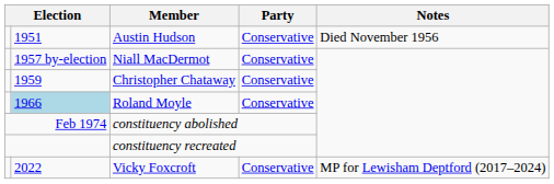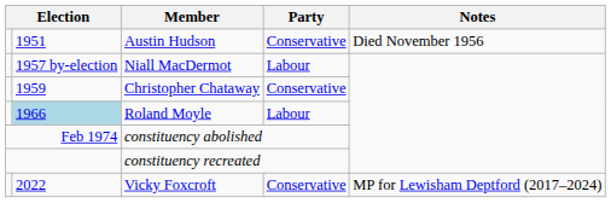 <table class="wikitable">
 <tr>
 <th colspan="2">Election</th>
 <th>Member</th>
 <th>Party</th>
 <th>Notes</th>
 </tr>
 <tr>
 <td style="color:inherit;background-color: "></td>
 <td><a href='#'>1951</a></td>
 <td><a href='#'>Austin Hudson</a></td>
 <td><a href='#'>Conservative</a></td>
 <td>Died November 1956</td>
 </tr>
 <tr>
 <td style="color:inherit;background-color: "></td>
 <td><a href='#'>1957 by-election</a></td>
 <td><a href='#'>Niall MacDermot</a></td>
-<td><a href='#'>Conservative</a></td>
+<td><a href='#'>Labour</a></td>
 </tr>
 <tr>
 <td style="color:inherit;background-color: "></td>
 <td><a href='#'>1959</a></td>
 <td><a href='#'>Christopher Chataway</a></td>
 <td><a href='#'>Conservative</a></td>
 </tr>
 <tr>
 <td style="color:inherit;background-color: "></td>
 <td style="background: lightblue;"><a href='#'>1966</a></td>
 <td><a href='#'>Roland Moyle</a></td>
-<td><a href='#'>Conservative</a></td>
+<td><a href='#'>Labour</a></td>
 </tr>
 <tr>
 <td colspan="2" align="right"><a href='#'>Feb 1974</a></td>
 <td colspan="2"><em>constituency abolished</em></td>
 </tr>
 <tr>
 <td colspan="2"></td>
 <td colspan="2"><em>constituency recreated</em></td>
 </tr>
 <tr>
 <td style="color:inherit;background-color: "></td>
 <td><a href='#'>2022</a></td>
 <td><a href='#'>Vicky Foxcroft</a></td>
 <td><a href='#'>Conservative</a></td>
 <td>MP for <a href='#'>Lewisham Deptford</a> (2017–2024)</td>
 </tr>
 </table>
